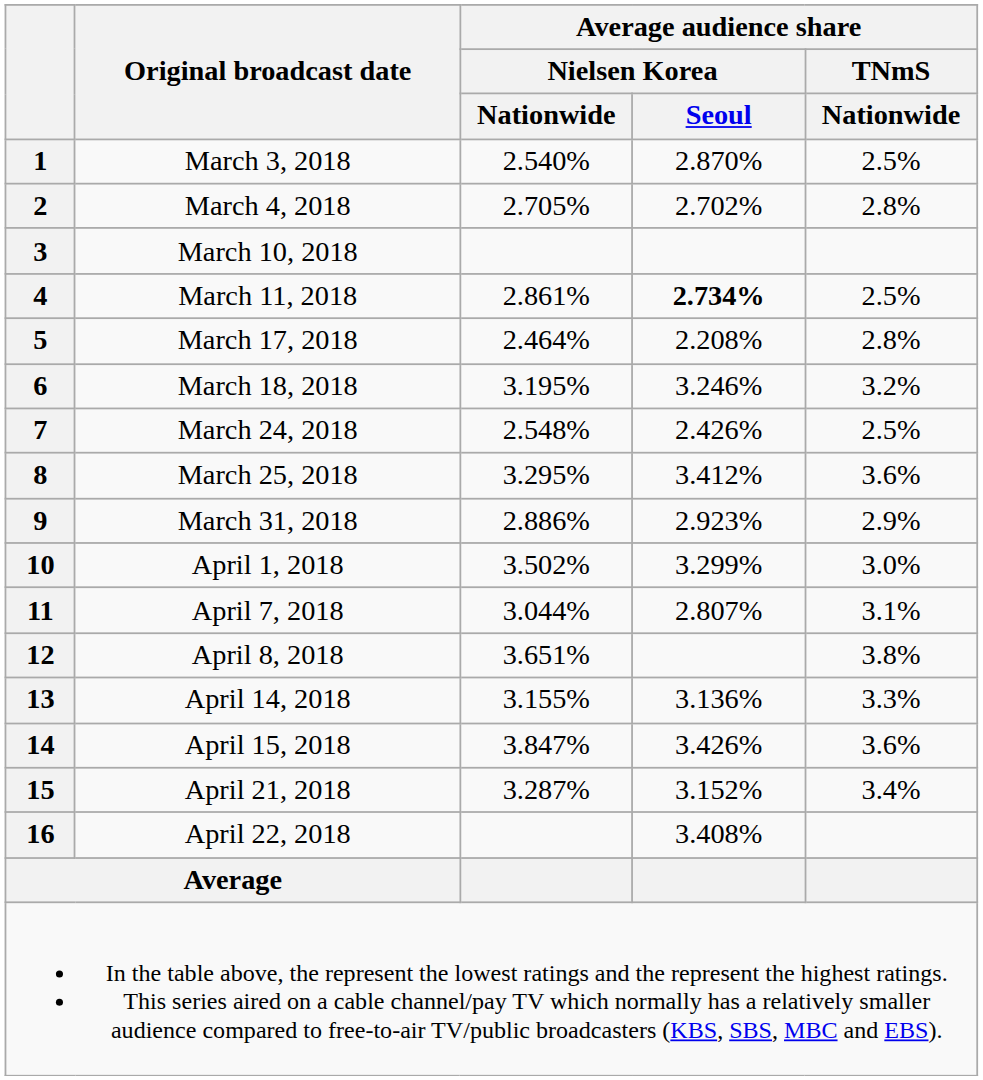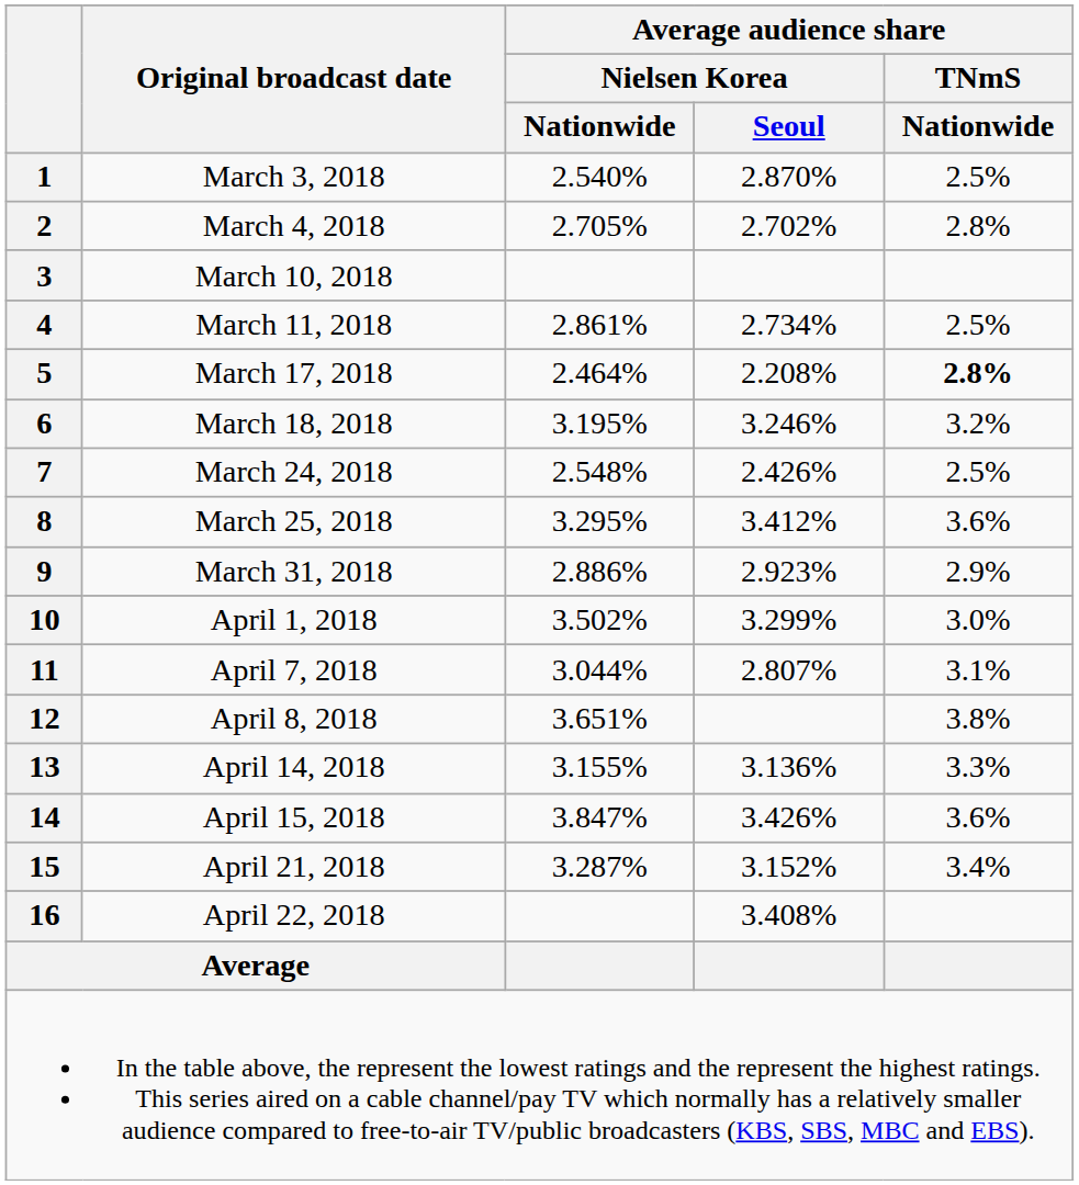 <table class="wikitable" style="text-align:center;max-width:550px; margin-left: auto; margin-right: auto; border: none;">
 <tr>
 </tr>
 <tr>
 <th rowspan="3"></th>
 <th rowspan="3">Original broadcast date</th>
 <th colspan="3">Average audience share</th>
 </tr>
 <tr>
 <th colspan="2">Nielsen Korea</th>
 <th>TNmS</th>
 </tr>
 <tr>
 <th width="90">Nationwide</th>
 <th width="90"><a href='#'>Seoul</a></th>
 <th width="90">Nationwide</th>
 </tr>
 <tr>
 <th>1</th>
 <td>March 3, 2018</td>
 <td>2.540%</td>
 <td>2.870%</td>
 <td>2.5%</td>
 </tr>
 <tr>
 <th>2</th>
 <td>March 4, 2018</td>
 <td>2.705%</td>
 <td>2.702%</td>
 <td>2.8%</td>
 </tr>
 <tr>
 <th>3</th>
 <td>March 10, 2018</td>
 <td></td>
 <td></td>
 <td></td>
 </tr>
 <tr>
 <th>4</th>
 <td>March 11, 2018</td>
 <td>2.861%</td>
-<td><strong>2.734%</strong></td>
+<td>2.734%</td>
 <td>2.5%</td>
 </tr>
 <tr>
 <th>5</th>
 <td>March 17, 2018</td>
 <td>2.464%</td>
 <td>2.208%</td>
-<td>2.8%</td>
+<td><strong>2.8%</strong></td>
 </tr>
 <tr>
 <th>6</th>
 <td>March 18, 2018</td>
 <td>3.195%</td>
 <td>3.246%</td>
 <td>3.2%</td>
 </tr>
 <tr>
 <th>7</th>
 <td>March 24, 2018</td>
 <td>2.548%</td>
 <td>2.426%</td>
 <td>2.5%</td>
 </tr>
 <tr>
 <th>8</th>
 <td>March 25, 2018</td>
 <td>3.295%</td>
 <td>3.412%</td>
 <td>3.6%</td>
 </tr>
 <tr>
 <th>9</th>
 <td>March 31, 2018</td>
 <td>2.886%</td>
 <td>2.923%</td>
 <td>2.9%</td>
 </tr>
 <tr>
 <th>10</th>
 <td>April 1, 2018</td>
 <td>3.502%</td>
 <td>3.299%</td>
 <td>3.0%</td>
 </tr>
 <tr>
 <th>11</th>
 <td>April 7, 2018</td>
 <td>3.044%</td>
 <td>2.807%</td>
 <td>3.1%</td>
 </tr>
 <tr>
 <th>12</th>
 <td>April 8, 2018</td>
 <td>3.651%</td>
 <td></td>
 <td>3.8%</td>
 </tr>
 <tr>
 <th>13</th>
 <td>April 14, 2018</td>
 <td>3.155%</td>
 <td>3.136%</td>
 <td>3.3%</td>
 </tr>
 <tr>
 <th>14</th>
 <td>April 15, 2018</td>
 <td>3.847%</td>
 <td>3.426%</td>
 <td>3.6%</td>
 </tr>
 <tr>
 <th>15</th>
 <td>April 21, 2018</td>
 <td>3.287%</td>
 <td>3.152%</td>
 <td>3.4%</td>
 </tr>
 <tr>
 <th>16</th>
 <td>April 22, 2018</td>
 <td></td>
 <td>3.408%</td>
 <td></td>
 </tr>
 <tr>
 <th colspan="2">Average</th>
 <th></th>
 <th></th>
 <th></th>
 </tr>
 <tr>
 <td colspan="5" style="font-size:85%"><br><ul><li>In the table above, the <strong></strong> represent the lowest ratings and the <strong></strong> represent the highest ratings.</li><li>This series aired on a cable channel/pay TV which normally has a relatively smaller audience compared to free-to-air TV/public broadcasters (<a href='#'>KBS</a>, <a href='#'>SBS</a>, <a href='#'>MBC</a> and <a href='#'>EBS</a>).</li></ul></td>
 </tr>
 </table>
